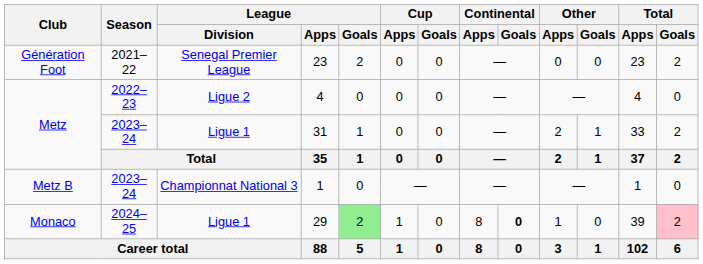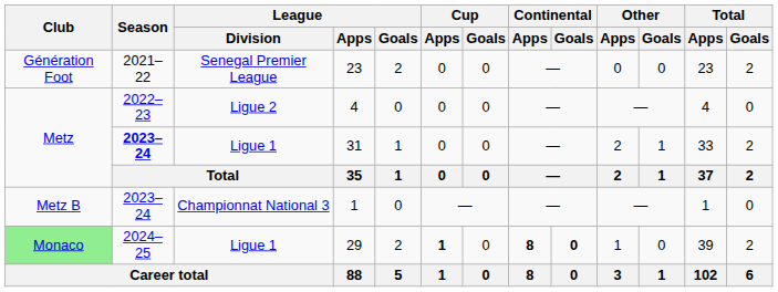 <table class="wikitable" style="text-align: center;">
 <tr>
 <th rowspan="2">Club</th>
 <th rowspan="2">Season</th>
 <th colspan="3">League</th>
 <th colspan="2">Cup</th>
 <th colspan="2">Continental</th>
 <th colspan="2">Other</th>
 <th colspan="2">Total</th>
 </tr>
 <tr>
 <th>Division</th>
 <th>Apps</th>
 <th>Goals</th>
 <th>Apps</th>
 <th>Goals</th>
 <th>Apps</th>
 <th>Goals</th>
 <th>Apps</th>
 <th>Goals</th>
 <th>Apps</th>
 <th>Goals</th>
 </tr>
 <tr>
 <td><a href='#'>Génération Foot</a></td>
 <td>2021–22</td>
 <td><a href='#'>Senegal Premier League</a></td>
 <td>23</td>
 <td>2</td>
 <td>0</td>
 <td>0</td>
 <td colspan="2">—</td>
 <td>0</td>
 <td>0</td>
 <td>23</td>
 <td>2</td>
 </tr>
 <tr>
 <td rowspan="3"><a href='#'>Metz</a></td>
 <td><a href='#'>2022–23</a></td>
 <td><a href='#'>Ligue 2</a></td>
 <td>4</td>
 <td>0</td>
 <td>0</td>
 <td>0</td>
 <td colspan="2">—</td>
 <td colspan="2">—</td>
 <td>4</td>
 <td>0</td>
 </tr>
 <tr>
-<td><a href='#'>2023–24</a></td>
+<td><strong><a href='#'>2023–24</a></strong></td>
 <td><a href='#'>Ligue 1</a></td>
 <td>31</td>
 <td>1</td>
 <td>0</td>
 <td>0</td>
 <td colspan="2">—</td>
 <td>2</td>
 <td>1</td>
 <td>33</td>
 <td>2</td>
 </tr>
 <tr>
 <th colspan="2">Total</th>
 <th>35</th>
 <th>1</th>
 <th>0</th>
 <th>0</th>
 <th colspan="2">—</th>
 <th>2</th>
 <th>1</th>
 <th>37</th>
 <th>2</th>
 </tr>
 <tr>
 <td><a href='#'>Metz B</a></td>
 <td><a href='#'>2023–24</a></td>
 <td><a href='#'>Championnat National 3</a></td>
 <td>1</td>
 <td>0</td>
 <td colspan="2">—</td>
 <td colspan="2">—</td>
 <td colspan="2">—</td>
 <td>1</td>
 <td>0</td>
 </tr>
 <tr>
-<td><a href='#'>Monaco</a></td>
+<td style="background: lightgreen;"><a href='#'>Monaco</a></td>
 <td><a href='#'>2024–25</a></td>
 <td><a href='#'>Ligue 1</a></td>
 <td>29</td>
-<td style="background: lightgreen;">2</td>
-<td>1</td>
+<td>2</td>
+<td><strong>1</strong></td>
 <td>0</td>
-<td>8</td>
+<td><strong>8</strong></td>
 <td><strong>0</strong></td>
 <td>1</td>
 <td>0</td>
 <td>39</td>
-<td style="background: pink;">2</td>
+<td>2</td>
 </tr>
 <tr>
 <th colspan="3">Career total</th>
 <th>88</th>
 <th>5</th>
 <th>1</th>
 <th>0</th>
 <th>8</th>
 <th>0</th>
 <th>3</th>
 <th>1</th>
 <th>102</th>
 <th>6</th>
 </tr>
 </table>
